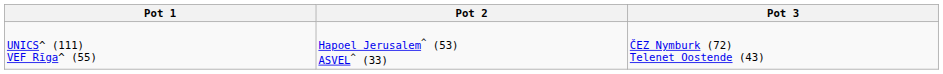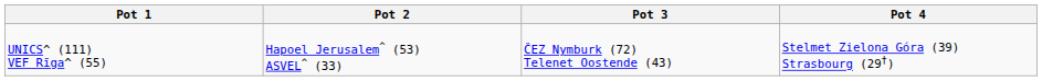 <table class="wikitable" style="width:72%;">
 <tr>
 <th width=18%><strong>Pot 1</strong></th>
 <th width=18%><strong>Pot 2</strong></th>
 <th width=18%><strong>Pot 3</strong></th>
+<th width=18%><strong>Pot 4</strong></th>
 </tr>
 <tr>
 <td><br> <a href='#'>UNICS</a>^ (111)<br>  <a href='#'>VEF Rīga</a>^ (55)<br></td>
 <td><br> <a href='#'>Hapoel Jerusalem</a><sup>^</sup> (53)<br>  <a href='#'>ASVEL</a><sup>^</sup> (33)<br></td>
 <td><br> <a href='#'>ČEZ Nymburk</a> (72)<br>  <a href='#'>Telenet Oostende</a> (43)<br></td>
+<td><br> <a href='#'>Stelmet Zielona Góra</a> (39)<br>  <a href='#'>Strasbourg</a> (29<sup>†</sup>)<br></td>
 </tr>
 </table>
